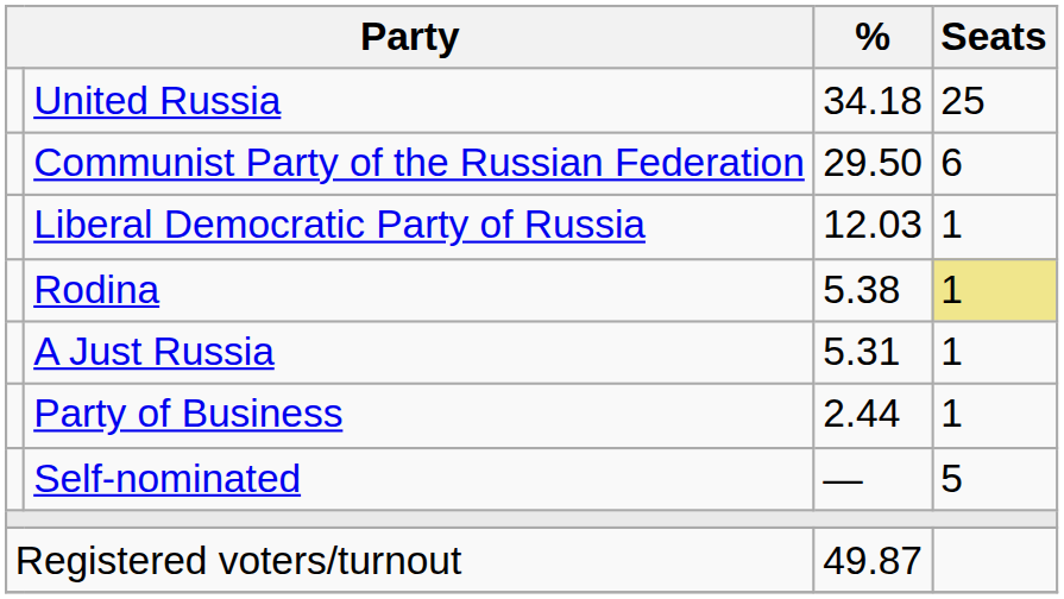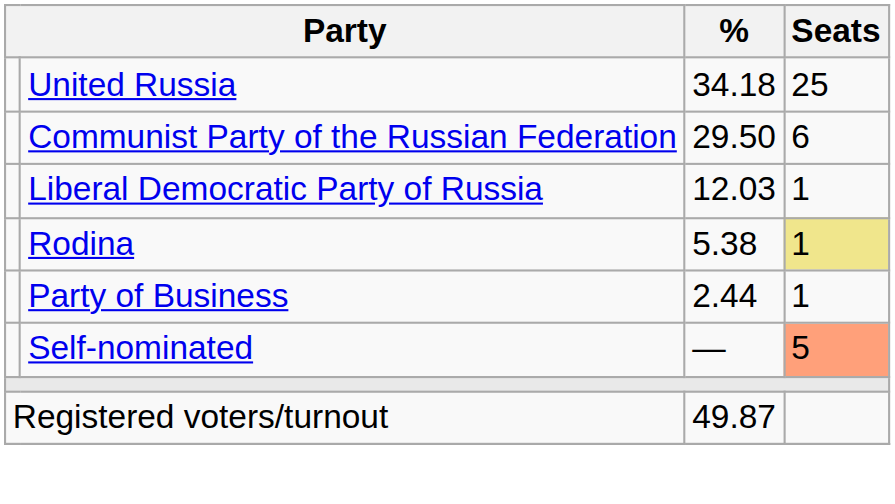 <table class="wikitable">
 <tr>
 <th colspan=2>Party</th>
 <th>%</th>
 <th>Seats</th>
 </tr>
 <tr>
 <td style="background:"></td>
 <td><a href='#'>United Russia</a></td>
 <td>34.18</td>
 <td>25</td>
 </tr>
 <tr>
 <td style="background:"></td>
 <td><a href='#'>Communist Party of the Russian Federation</a></td>
 <td>29.50</td>
 <td>6</td>
 </tr>
 <tr>
 <td style="background:"></td>
 <td><a href='#'>Liberal Democratic Party of Russia</a></td>
 <td>12.03</td>
 <td>1</td>
 </tr>
 <tr>
 <td style="background:"></td>
 <td><a href='#'>Rodina</a></td>
 <td>5.38</td>
 <td style="background: khaki;">1</td>
 </tr>
 <tr>
 <td style="background:"></td>
-<td><a href='#'>A Just Russia</a></td>
-<td>5.31</td>
-<td>1</td>
-</tr>
-<tr>
-<td style="background:"></td>
 <td><a href='#'>Party of Business</a></td>
 <td>2.44</td>
 <td>1</td>
 </tr>
 <tr>
 <td style="background:"></td>
 <td><a href='#'>Self-nominated</a></td>
 <td>—</td>
-<td>5</td>
+<td style="background: lightsalmon;">5</td>
 </tr>
 <tr>
 <td colspan=4 style="background:#E9E9E9;"></td>
 </tr>
 <tr>
 <td align=left colspan=2>Registered voters/turnout</td>
 <td>49.87</td>
 <td></td>
 </tr>
 <tr>
 </tr>
 </table>
